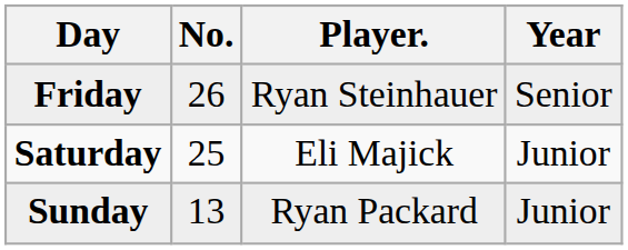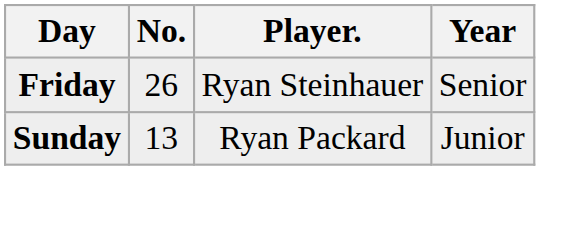 <table class="wikitable non-sortable">
 <tr>
 <th style="text-align:center; ">Day</th>
 <th style="text-align:center; ">No.</th>
 <th style="text-align:center; ">Player.</th>
 <th style="text-align:center; ">Year</th>
 </tr>
 <tr style="background:#eeeeee;text-align:center;">
 <td><strong>Friday</strong></td>
 <td>26</td>
 <td>Ryan Steinhauer</td>
 <td>Senior</td>
 </tr>
-<tr style="text-align:center;">
-<td><strong>Saturday</strong></td>
-<td>25</td>
-<td>Eli Majick</td>
-<td>Junior</td>
-</tr>
 <tr style="background:#eeeeee;text-align:center;">
 <td><strong>Sunday</strong></td>
 <td>13</td>
 <td>Ryan Packard</td>
 <td>Junior</td>
 </tr>
 </table>
